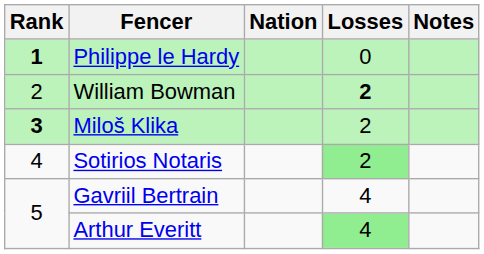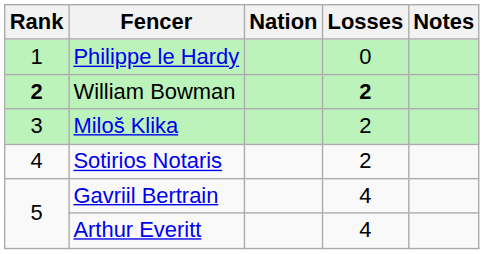 <table class="wikitable sortable" style="text-align:center">
 <tr>
 <th>Rank</th>
 <th>Fencer</th>
 <th>Nation</th>
 <th>Losses</th>
 <th>Notes</th>
 </tr>
 <tr bgcolor=bbf3bb>
-<td><strong>1</strong></td>
+<td>1</td>
 <td align=left><a href='#'>Philippe le Hardy</a></td>
 <td align=left></td>
 <td>0</td>
 <td></td>
 </tr>
 <tr bgcolor=bbf3bb>
-<td>2</td>
+<td><strong>2</strong></td>
 <td align=left>William Bowman</td>
 <td align=left></td>
 <td><strong>2</strong></td>
 <td></td>
 </tr>
 <tr bgcolor=bbf3bb>
-<td><strong>3</strong></td>
+<td>3</td>
 <td align=left><a href='#'>Miloš Klika</a></td>
 <td align=left></td>
 <td>2</td>
 <td></td>
 </tr>
 <tr>
 <td>4</td>
 <td align=left><a href='#'>Sotirios Notaris</a></td>
 <td align=left></td>
-<td style="background: lightgreen;">2</td>
+<td>2</td>
 <td></td>
 </tr>
 <tr>
 <td rowspan=2>5</td>
 <td align=left><a href='#'>Gavriil Bertrain</a></td>
 <td align=left></td>
 <td>4</td>
 <td></td>
 </tr>
 <tr>
 <td align=left><a href='#'>Arthur Everitt</a></td>
 <td align=left></td>
-<td style="background: lightgreen;">4</td>
+<td>4</td>
 <td></td>
 </tr>
 </table>
